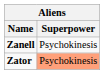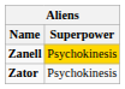 <table class="wikitable">
 <tr>
 <th colspan=6>Aliens</th>
 </tr>
 <tr>
 <th>Name</th>
 <th>Superpower</th>
 </tr>
 <tr>
 <td><strong>Zanell</strong></td>
-<td>Psychokinesis</td>
+<td style="background: gold;">Psychokinesis</td>
 </tr>
 <tr>
 <td><strong>Zator</strong></td>
-<td style="background: lightsalmon;">Psychokinesis</td>
+<td>Psychokinesis</td>
 </tr>
 </table>
